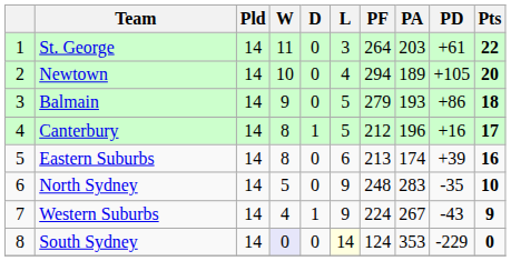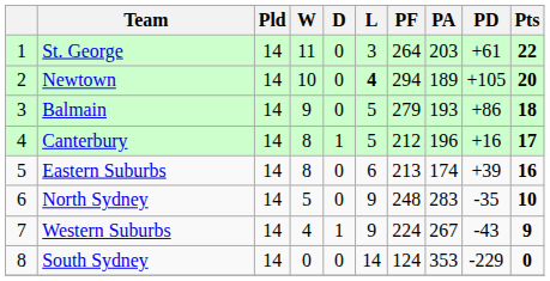 <table class="wikitable" style="text-align:center;">
 <tr>
 <th width=20 abbr="Position"></th>
 <th width=175>Team</th>
 <th width=20 abbr="Played">Pld</th>
 <th width=20 abbr="Won">W</th>
 <th width=20 abbr="Drawn">D</th>
 <th width=20 abbr="Lost">L</th>
 <th width=20 abbr="Points for">PF</th>
 <th width=20 abbr="Points against">PA</th>
 <th width=20 abbr="Points difference">PD</th>
 <th width=20 abbr="Points">Pts</th>
 </tr>
 <tr style="background: #ccffcc;">
 <td>1</td>
 <td style="text-align:left;"> <a href='#'>St. George</a></td>
 <td>14</td>
 <td>11</td>
 <td>0</td>
 <td>3</td>
 <td>264</td>
 <td>203</td>
 <td>+61</td>
 <td><strong>22</strong></td>
 </tr>
 <tr style="background: #ccffcc;">
 <td>2</td>
 <td style="text-align:left;"> <a href='#'>Newtown</a></td>
 <td>14</td>
 <td>10</td>
 <td>0</td>
-<td>4</td>
+<td><strong>4</strong></td>
 <td>294</td>
 <td>189</td>
 <td>+105</td>
 <td><strong>20</strong></td>
 </tr>
 <tr style="background: #ccffcc;">
 <td>3</td>
 <td style="text-align:left;"> <a href='#'>Balmain</a></td>
 <td>14</td>
 <td>9</td>
 <td>0</td>
 <td>5</td>
 <td>279</td>
 <td>193</td>
 <td>+86</td>
 <td><strong>18</strong></td>
 </tr>
 <tr style="background: #ccffcc;">
 <td>4</td>
 <td style="text-align:left;"> <a href='#'>Canterbury</a></td>
 <td>14</td>
 <td>8</td>
 <td>1</td>
 <td>5</td>
 <td>212</td>
 <td>196</td>
 <td>+16</td>
 <td><strong>17</strong></td>
 </tr>
 <tr>
 <td>5</td>
 <td style="text-align:left;"> <a href='#'>Eastern Suburbs</a></td>
 <td>14</td>
 <td>8</td>
 <td>0</td>
 <td>6</td>
 <td>213</td>
 <td>174</td>
 <td>+39</td>
 <td><strong>16</strong></td>
 </tr>
 <tr>
 <td>6</td>
 <td style="text-align:left;"> <a href='#'>North Sydney</a></td>
 <td>14</td>
 <td>5</td>
 <td>0</td>
 <td>9</td>
 <td>248</td>
 <td>283</td>
 <td>-35</td>
 <td><strong>10</strong></td>
 </tr>
 <tr>
 <td>7</td>
 <td style="text-align:left;"> <a href='#'>Western Suburbs</a></td>
 <td>14</td>
 <td>4</td>
 <td>1</td>
 <td>9</td>
 <td>224</td>
 <td>267</td>
 <td>-43</td>
 <td><strong>9</strong></td>
 </tr>
 <tr>
 <td>8</td>
 <td style="text-align:left;"> <a href='#'>South Sydney</a></td>
 <td>14</td>
-<td style="background: lavender;">0</td>
 <td>0</td>
-<td style="background: lightyellow;">14</td>
+<td>0</td>
+<td>14</td>
 <td>124</td>
 <td>353</td>
 <td>-229</td>
 <td><strong>0</strong></td>
 </tr>
 <tr>
 </tr>
 </table>
